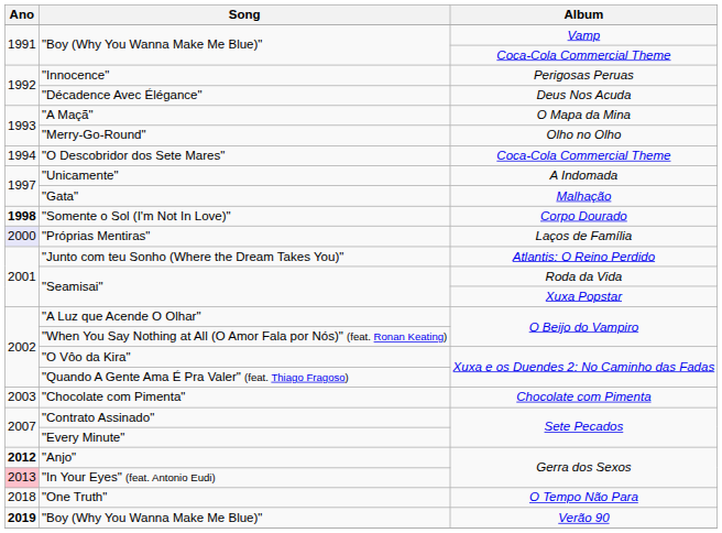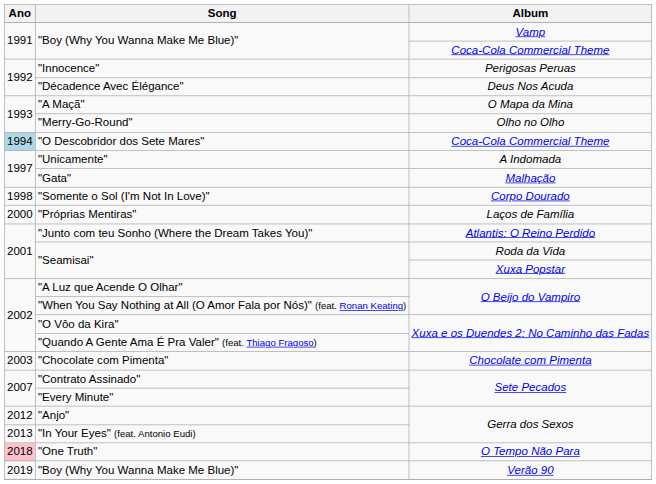 <table class="wikitable">
 <tr>
 <th>Ano</th>
 <th>Song</th>
 <th>Album</th>
 </tr>
 <tr>
 </tr>
 <tr>
 <td align="center" rowspan="2">1991</td>
 <td align="left" rowspan="2">"Boy (Why You Wanna Make Me Blue)"</td>
 <td align="center" rowspan="1"><em><a href='#'>Vamp</a></em></td>
 </tr>
 <tr>
 <td align="center" rowspan="1"><em><a href='#'>Coca-Cola Commercial Theme</a></em></td>
 </tr>
 <tr>
 <td align="center" rowspan="2">1992</td>
 <td align="left">"Innocence"</td>
 <td align="center" rowspan="1"><em>Perigosas Peruas</em></td>
 </tr>
 <tr>
 <td align="left">"Décadence Avec Élégance"</td>
 <td align="center" rowspan="1"><em>Deus Nos Acuda</em></td>
 </tr>
 <tr>
 <td align="center" rowspan="2">1993</td>
 <td align="left">"A Maçã"</td>
 <td align="center" rowspan="1"><em>O Mapa da Mina</em></td>
 </tr>
 <tr>
 <td align="left">"Merry-Go-Round"</td>
 <td align="center" rowspan="1"><em>Olho no Olho</em></td>
 </tr>
 <tr>
-<td align="center" rowspan="1">1994</td>
+<td align="center" rowspan="1" style="background: lightblue;">1994</td>
 <td align="left">"O Descobridor dos Sete Mares"</td>
 <td align="center" rowspan="1"><em><a href='#'>Coca-Cola Commercial Theme</a></em></td>
 </tr>
 <tr>
 <td align="center" rowspan="2">1997</td>
 <td align="left">"Unicamente"</td>
 <td align="center" rowspan="1"><em>A Indomada</em></td>
 </tr>
 <tr>
 <td align="left">"Gata"</td>
 <td align="center" rowspan="1"><em><a href='#'>Malhação</a></em></td>
 </tr>
 <tr>
-<td align="center" rowspan="1"><strong>1998</strong></td>
+<td align="center" rowspan="1">1998</td>
 <td align="left">"Somente o Sol (I'm Not In Love)"</td>
 <td align="center" rowspan="1"><em><a href='#'>Corpo Dourado</a></em></td>
 </tr>
 <tr>
-<td align="center" rowspan="1" style="background: lavender;">2000</td>
+<td align="center" rowspan="1">2000</td>
 <td align="left">"Próprias Mentiras"</td>
 <td align="center" rowspan="1"><em>Laços de Família</em></td>
 </tr>
 <tr>
 <td align="center" rowspan="3">2001</td>
 <td align="left">"Junto com teu Sonho (Where the Dream Takes You)"</td>
 <td align="center" rowspan="1"><em> <a href='#'>Atlantis: O Reino Perdido</a></em></td>
 </tr>
 <tr>
 <td align="left" rowspan="2">"Seamisai"</td>
 <td align="center" rowspan="1"><em>Roda da Vida</em></td>
 </tr>
 <tr>
 <td align="center" rowspan="1"><em><a href='#'>Xuxa Popstar</a></em></td>
 </tr>
 <tr>
 <td align="center" rowspan="4">2002</td>
 <td align="left">"A Luz que Acende O Olhar"</td>
 <td align="center" rowspan="2"><em><a href='#'>O Beijo do Vampiro</a></em></td>
 </tr>
 <tr>
 <td align="left">"When You Say Nothing at All (O Amor Fala por Nós)" <small>(feat. <a href='#'>Ronan Keating</a>)</small></td>
 </tr>
 <tr>
 <td align="left">"O Vôo da Kira"</td>
 <td align="center" rowspan="2"><em><a href='#'>Xuxa e os Duendes 2: No Caminho das Fadas</a></em></td>
 </tr>
 <tr>
 <td align="left">"Quando A Gente Ama É Pra Valer" <small>(feat. <a href='#'>Thiago Fragoso</a>)</small></td>
 </tr>
 <tr>
 <td align="center" rowspan="1">2003</td>
 <td align="left">"Chocolate com Pimenta"</td>
 <td align="center" rowspan="1"><em><a href='#'>Chocolate com Pimenta</a></em></td>
 </tr>
 <tr>
 <td align="center" rowspan="2">2007</td>
 <td align="left">"Contrato Assinado"</td>
 <td align="center" rowspan="2"><em><a href='#'>Sete Pecados</a></em></td>
 </tr>
 <tr>
 <td align="left">"Every Minute"</td>
 </tr>
 <tr>
-<td align="center" rowspan="1"><strong>2012</strong></td>
+<td align="center" rowspan="1">2012</td>
 <td align="left">"Anjo"</td>
 <td align="center" rowspan="2"><em>Gerra dos Sexos</em></td>
 </tr>
 <tr>
-<td align="center" rowspan="1" style="background: pink;">2013</td>
+<td align="center" rowspan="1">2013</td>
 <td align="left">"In Your Eyes" <small>(feat. Antonio Eudi)</small></td>
 </tr>
 <tr>
-<td align="center" rowspan="1">2018</td>
+<td align="center" rowspan="1" style="background: pink;">2018</td>
 <td align="left">"One Truth"</td>
 <td align="center" rowspan="1"><em><a href='#'>O Tempo Não Para</a></em></td>
 </tr>
 <tr>
-<td align="center" rowspan="1"><strong>2019</strong></td>
+<td align="center" rowspan="1">2019</td>
 <td align="left">"Boy (Why You Wanna Make Me Blue)"</td>
 <td align="center" rowspan="1"><em><a href='#'>Verão 90</a></em></td>
 </tr>
 <tr>
 </tr>
 </table>
